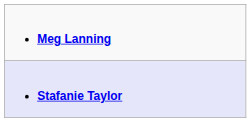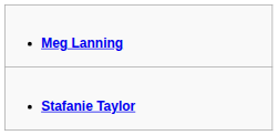 <table class=wikitable>
 <tr>
 <td valign="top" width="50%"><br><ul><li><strong> <a href='#'>Meg Lanning</a></strong></li></ul></td>
 </tr>
 <tr>
-<td valign="top" width="50%" style="background: lavender;"><br><ul><li><strong> <a href='#'>Stafanie Taylor</a></strong></li></ul></td>
+<td valign="top" width="50%"><br><ul><li><strong> <a href='#'>Stafanie Taylor</a></strong></li></ul></td>
 </tr>
 </table>
